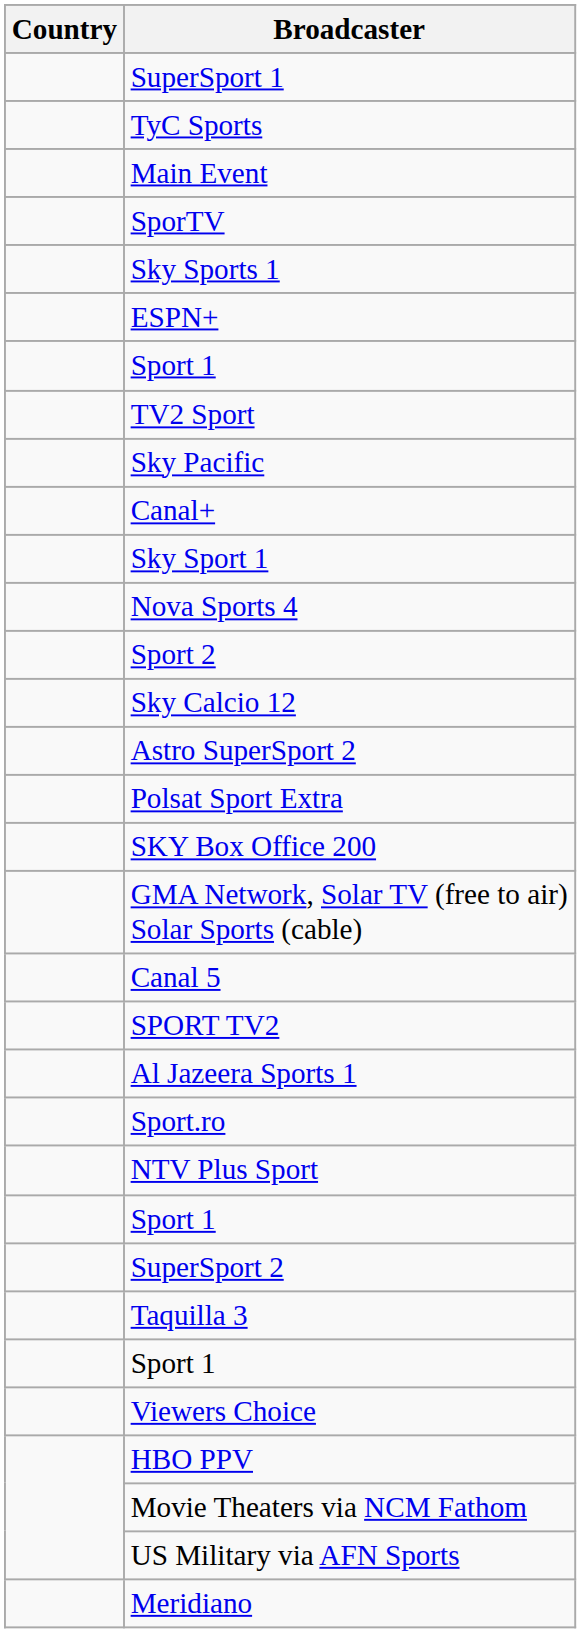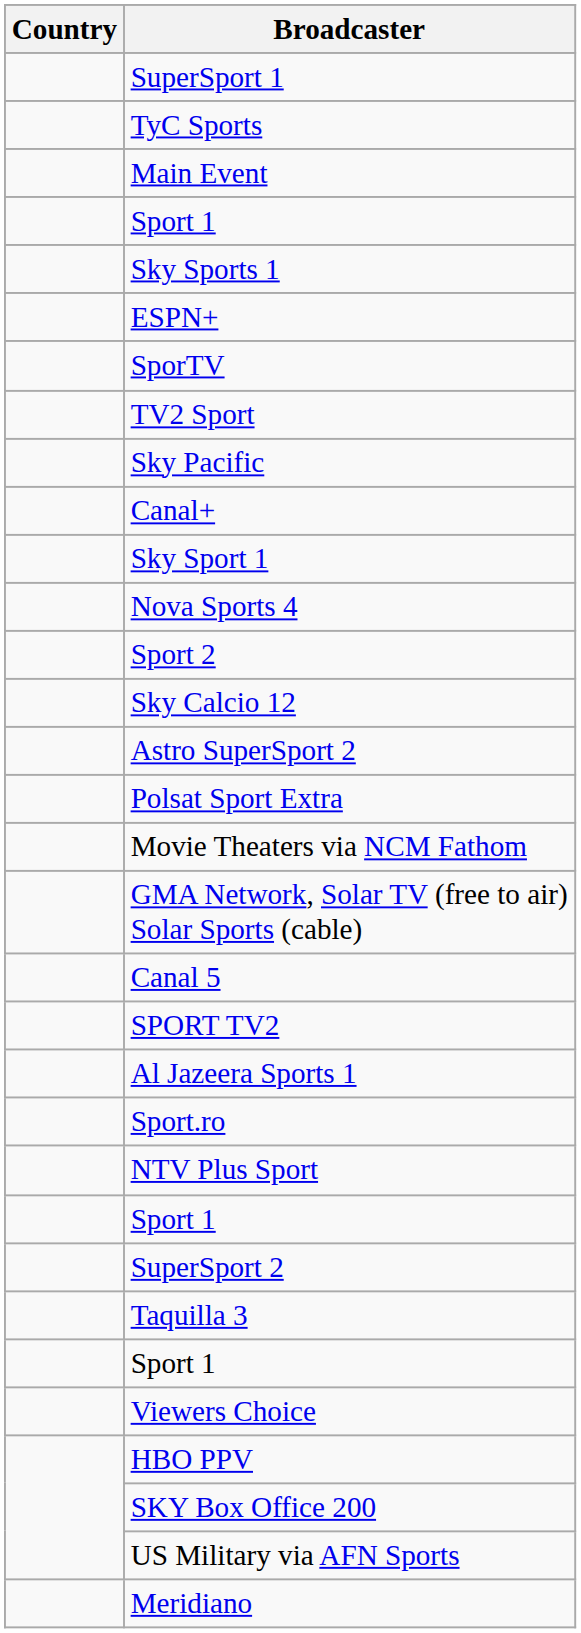 <table class="wikitable" style="font-size:95%;">
 <tr>
 <th>Country</th>
 <th>Broadcaster</th>
 </tr>
 <tr>
 <td align=left></td>
 <td><a href='#'>SuperSport 1</a></td>
 </tr>
 <tr>
 <td align=left></td>
 <td><a href='#'>TyC Sports</a></td>
 </tr>
 <tr>
 <td align=left></td>
 <td><a href='#'>Main Event</a></td>
 </tr>
 <tr>
 <td align=left></td>
-<td><a href='#'>SporTV</a></td>
+<td><a href='#'>Sport 1</a></td>
 </tr>
 <tr>
 <td align=left></td>
 <td><a href='#'>Sky Sports 1</a></td>
 </tr>
 <tr>
 <td align=left></td>
 <td><a href='#'>ESPN+</a></td>
 </tr>
 <tr>
 <td align=left></td>
-<td><a href='#'>Sport 1</a></td>
+<td><a href='#'>SporTV</a></td>
 </tr>
 <tr>
 <td align=left></td>
 <td><a href='#'>TV2 Sport</a></td>
 </tr>
 <tr>
 <td align=left></td>
 <td><a href='#'>Sky Pacific</a></td>
 </tr>
 <tr>
 <td align=left></td>
 <td><a href='#'>Canal+</a></td>
 </tr>
 <tr>
 <td align=left></td>
 <td><a href='#'>Sky Sport 1</a></td>
 </tr>
 <tr>
 <td align=left></td>
 <td><a href='#'>Nova Sports 4</a></td>
 </tr>
 <tr>
 <td align=left></td>
 <td><a href='#'>Sport 2</a></td>
 </tr>
 <tr>
 <td align=left></td>
 <td><a href='#'>Sky Calcio 12</a></td>
 </tr>
 <tr>
 <td align=left></td>
 <td><a href='#'>Astro SuperSport 2</a></td>
 </tr>
 <tr>
 <td align=left></td>
 <td><a href='#'>Polsat Sport Extra</a></td>
 </tr>
 <tr>
 <td align=left></td>
-<td><a href='#'>SKY Box Office 200</a></td>
+<td>Movie Theaters via <a href='#'>NCM Fathom</a></td>
 </tr>
 <tr>
 <td align=left></td>
 <td><a href='#'>GMA Network</a>, <a href='#'>Solar TV</a> (free to air)<br><a href='#'>Solar Sports</a> (cable)</td>
 </tr>
 <tr>
 <td align=left></td>
 <td><a href='#'>Canal 5</a></td>
 </tr>
 <tr>
 <td align=left></td>
 <td><a href='#'>SPORT TV2</a></td>
 </tr>
 <tr>
 <td align=left></td>
 <td><a href='#'>Al Jazeera Sports 1</a></td>
 </tr>
 <tr>
 <td align=left></td>
 <td><a href='#'>Sport.ro</a></td>
 </tr>
 <tr>
 <td align=left></td>
 <td><a href='#'>NTV Plus Sport</a></td>
 </tr>
 <tr>
 <td align=left></td>
 <td><a href='#'>Sport 1</a></td>
 </tr>
 <tr>
 <td align=left></td>
 <td><a href='#'>SuperSport 2</a></td>
 </tr>
 <tr>
 <td align=left></td>
 <td><a href='#'>Taquilla 3</a></td>
 </tr>
 <tr>
 <td align=left></td>
 <td>Sport 1</td>
 </tr>
 <tr>
 <td align=left></td>
 <td><a href='#'>Viewers Choice</a></td>
 </tr>
 <tr>
 <td style="text-align:left;" rowspan="3"></td>
 <td><a href='#'>HBO PPV</a></td>
 </tr>
 <tr>
-<td>Movie Theaters via <a href='#'>NCM Fathom</a></td>
+<td><a href='#'>SKY Box Office 200</a></td>
 </tr>
 <tr>
 <td>US Military via <a href='#'>AFN Sports</a></td>
 </tr>
 <tr>
 <td align=left></td>
 <td><a href='#'>Meridiano</a></td>
 </tr>
 </table>
